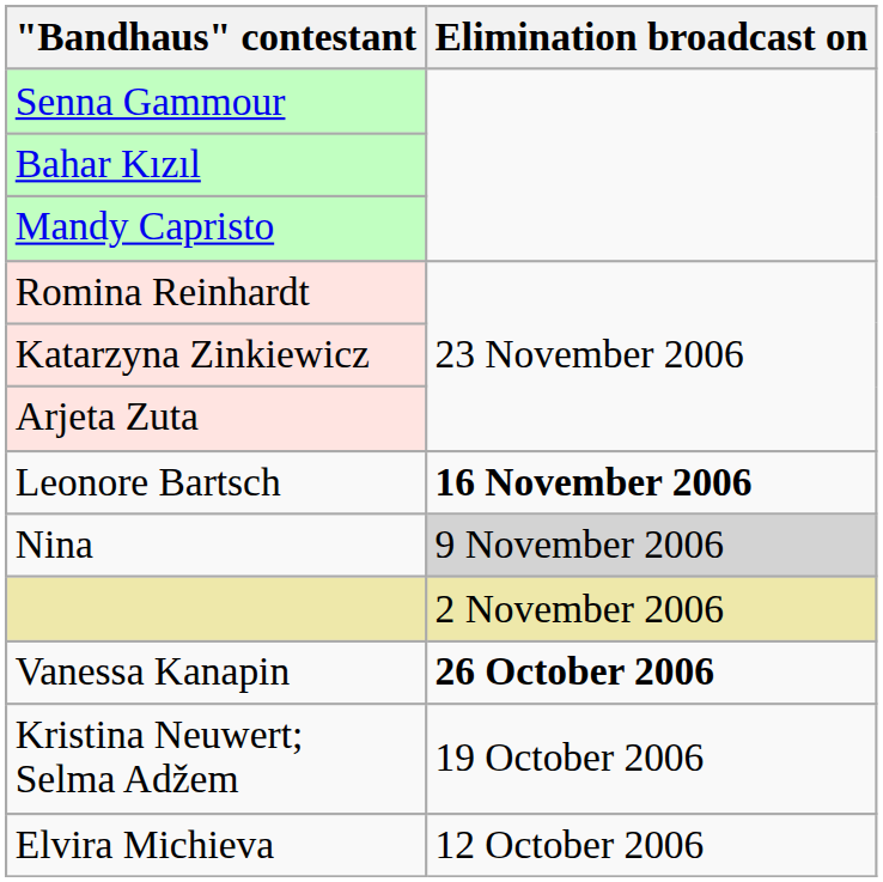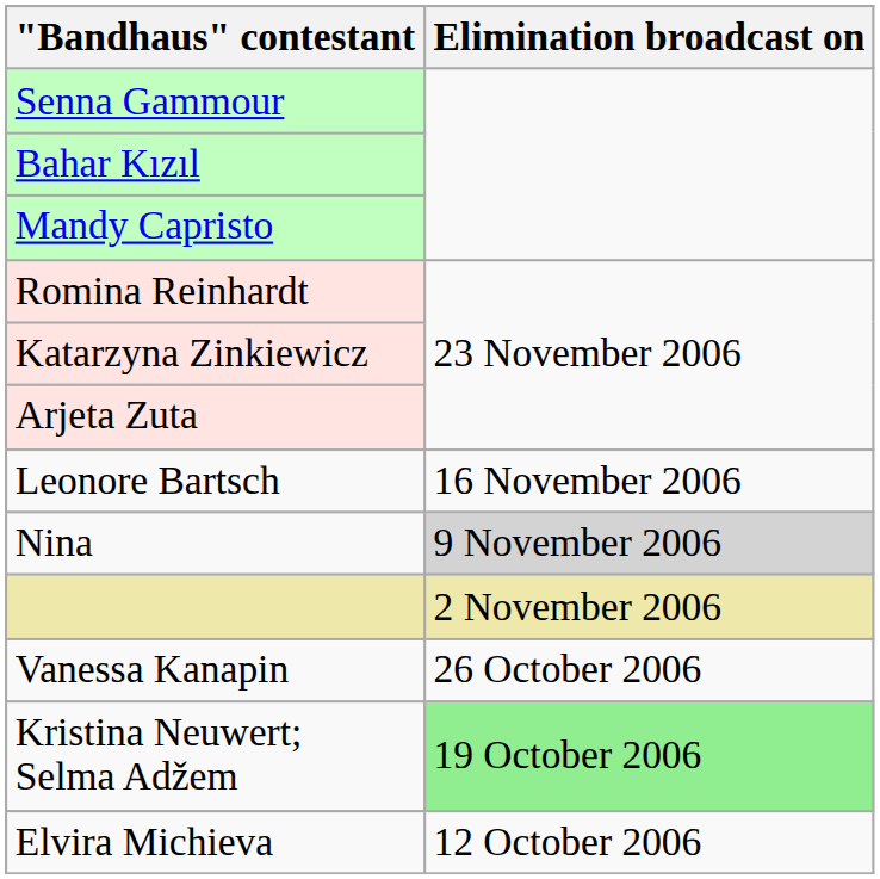 <table class=wikitable>
 <tr>
 <th>"Bandhaus" contestant</th>
 <th>Elimination broadcast on</th>
 </tr>
 <tr>
 <td style="background-color:#C1FFC1;"><a href='#'>Senna Gammour</a></td>
 <td align="left" rowspan=3></td>
 </tr>
 <tr bgcolor="#C1FFC1">
 <td><a href='#'>Bahar Kızıl</a></td>
 </tr>
 <tr bgcolor="#C1FFC1">
 <td><a href='#'>Mandy Capristo</a></td>
 </tr>
 <tr>
 <td style="background-color:#FFE4E1;">Romina Reinhardt</td>
 <td align="left" rowspan=3>23 November 2006</td>
 </tr>
 <tr>
 <td style="background-color:#FFE4E1;">Katarzyna Zinkiewicz</td>
 </tr>
 <tr>
 <td style="background-color:#FFE4E1;">Arjeta Zuta</td>
 </tr>
 <tr>
 <td>Leonore Bartsch</td>
-<td><strong>16 November 2006</strong></td>
+<td>16 November 2006</td>
 </tr>
 <tr>
 <td>Nina</td>
 <td style="background-color:LightGrey;">9 November 2006</td>
 </tr>
 <tr>
 <td style="background-color:PaleGoldenrod;"></td>
 <td style="background-color:PaleGoldenrod;">2 November 2006</td>
 </tr>
 <tr>
 <td>Vanessa Kanapin</td>
-<td><strong>26 October 2006</strong></td>
+<td>26 October 2006</td>
 </tr>
 <tr>
 <td>Kristina Neuwert;<br>Selma Adžem</td>
-<td>19 October 2006</td>
+<td style="background: lightgreen;">19 October 2006</td>
 </tr>
 <tr>
 <td>Elvira Michieva</td>
 <td>12 October 2006</td>
 </tr>
 </table>
